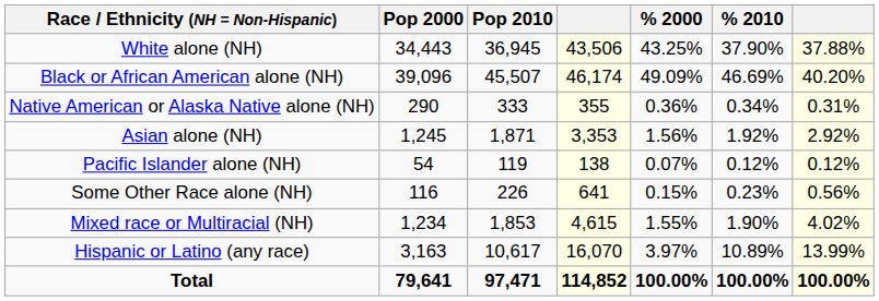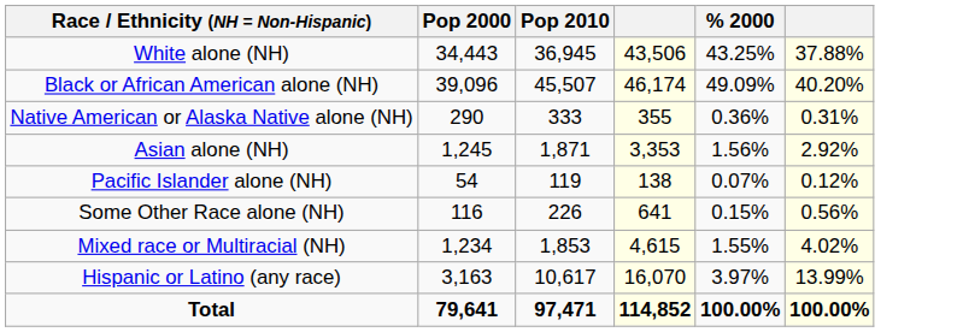 <table class="wikitable" style="text-align:center;">
 <tr>
 <th>Race / Ethnicity <small>(<em>NH = Non-Hispanic</em>)</small></th>
 <th>Pop 2000</th>
 <th>Pop 2010</th>
 <th></th>
 <th>% 2000</th>
-<th>% 2010</th>
 <th></th>
 </tr>
 <tr>
 <td><a href='#'>White</a> alone (NH)</td>
 <td>34,443</td>
 <td>36,945</td>
 <td style='background: #ffffe6;'>43,506</td>
 <td>43.25%</td>
-<td>37.90%</td>
 <td style='background: #ffffe6;'>37.88%</td>
 </tr>
 <tr>
 <td><a href='#'>Black or African American</a> alone (NH)</td>
 <td>39,096</td>
 <td>45,507</td>
 <td style='background: #ffffe6;'>46,174</td>
 <td>49.09%</td>
-<td>46.69%</td>
 <td style='background: #ffffe6;'>40.20%</td>
 </tr>
 <tr>
 <td><a href='#'>Native American</a> or <a href='#'>Alaska Native</a> alone (NH)</td>
 <td>290</td>
 <td>333</td>
 <td style='background: #ffffe6;'>355</td>
 <td>0.36%</td>
-<td>0.34%</td>
 <td style='background: #ffffe6;'>0.31%</td>
 </tr>
 <tr>
 <td><a href='#'>Asian</a> alone (NH)</td>
 <td>1,245</td>
 <td>1,871</td>
 <td style='background: #ffffe6;'>3,353</td>
 <td>1.56%</td>
-<td>1.92%</td>
 <td style='background: #ffffe6;'>2.92%</td>
 </tr>
 <tr>
 <td><a href='#'>Pacific Islander</a> alone (NH)</td>
 <td>54</td>
 <td>119</td>
 <td style='background: #ffffe6;'>138</td>
 <td>0.07%</td>
-<td>0.12%</td>
 <td style='background: #ffffe6;'>0.12%</td>
 </tr>
 <tr>
 <td>Some Other Race alone (NH)</td>
 <td>116</td>
 <td>226</td>
 <td style='background: #ffffe6;'>641</td>
 <td>0.15%</td>
-<td>0.23%</td>
 <td style='background: #ffffe6;'>0.56%</td>
 </tr>
 <tr>
 <td><a href='#'>Mixed race or Multiracial</a> (NH)</td>
 <td>1,234</td>
 <td>1,853</td>
 <td style='background: #ffffe6;'>4,615</td>
 <td>1.55%</td>
-<td>1.90%</td>
 <td style='background: #ffffe6;'>4.02%</td>
 </tr>
 <tr>
 <td><a href='#'>Hispanic or Latino</a> (any race)</td>
 <td>3,163</td>
 <td>10,617</td>
 <td style='background: #ffffe6;'>16,070</td>
 <td>3.97%</td>
-<td>10.89%</td>
 <td style='background: #ffffe6;'>13.99%</td>
 </tr>
 <tr>
 <td><strong>Total</strong></td>
 <td><strong>79,641</strong></td>
 <td><strong>97,471</strong></td>
 <td style='background: #ffffe6;'><strong>114,852</strong></td>
 <td><strong>100.00%</strong></td>
-<td><strong>100.00%</strong></td>
 <td style='background: #ffffe6;'><strong>100.00%</strong></td>
 </tr>
 </table>
